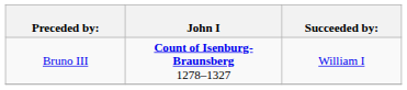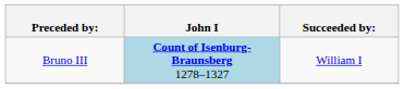 <table class="wikitable" style="margin:1em auto;">
 <tr align="center">
 <th width=150px><br>Preceded by:</th>
 <th width=200px><br>John I</th>
 <th width=150px><br>Succeeded by:</th>
 </tr>
 <tr align="center">
 <td><a href='#'>Bruno III</a></td>
-<td><strong><a href='#'>Count of Isenburg-Braunsberg</a></strong><br>1278–1327</td>
+<td style="background: lightblue;"><strong><a href='#'>Count of Isenburg-Braunsberg</a></strong><br>1278–1327</td>
 <td><a href='#'>William I</a></td>
 </tr>
 <tr>
 </tr>
 </table>
